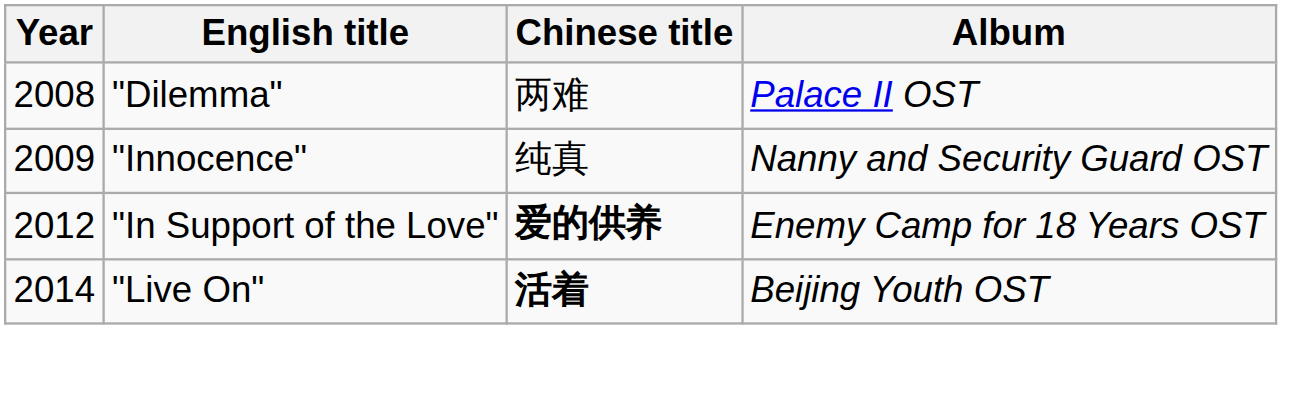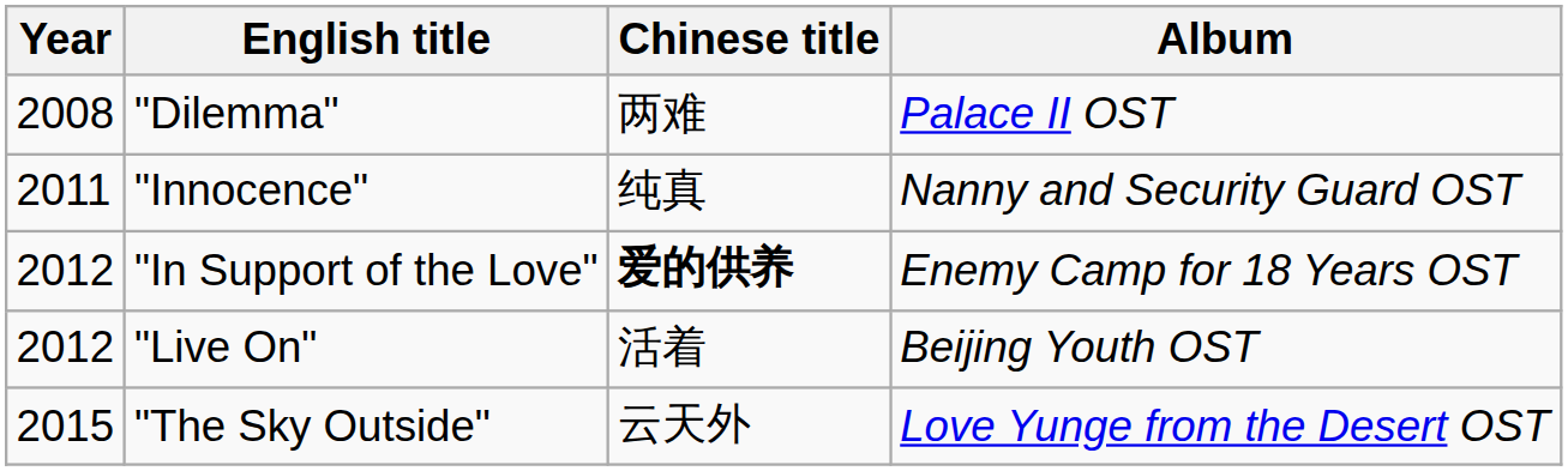 <table class="wikitable sortable">
 <tr>
 <th>Year</th>
 <th>English title</th>
 <th>Chinese title</th>
 <th>Album</th>
 </tr>
 <tr>
 <td>2008</td>
 <td>"Dilemma"</td>
 <td>两难</td>
 <td><em><a href='#'>Palace II</a> OST</em></td>
 </tr>
 <tr>
-<td>2009</td>
+<td>2011</td>
 <td>"Innocence"</td>
 <td>纯真</td>
 <td><em>Nanny and Security Guard OST</em></td>
 </tr>
 <tr>
 <td>2012</td>
 <td>"In Support of the Love"</td>
 <td><strong>爱的供养</strong></td>
 <td><em>Enemy Camp for 18 Years OST</em></td>
 </tr>
 <tr>
-<td>2014</td>
+<td>2012</td>
 <td>"Live On"</td>
-<td><strong>活着</strong></td>
+<td>活着</td>
 <td><em>Beijing Youth OST</em></td>
 </tr>
+<tr>
+<td>2015</td>
+<td>"The Sky Outside"</td>
+<td>云天外</td>
+<td><em><a href='#'>Love Yunge from the Desert</a> OST</em></td>
+</tr>
 </table>
